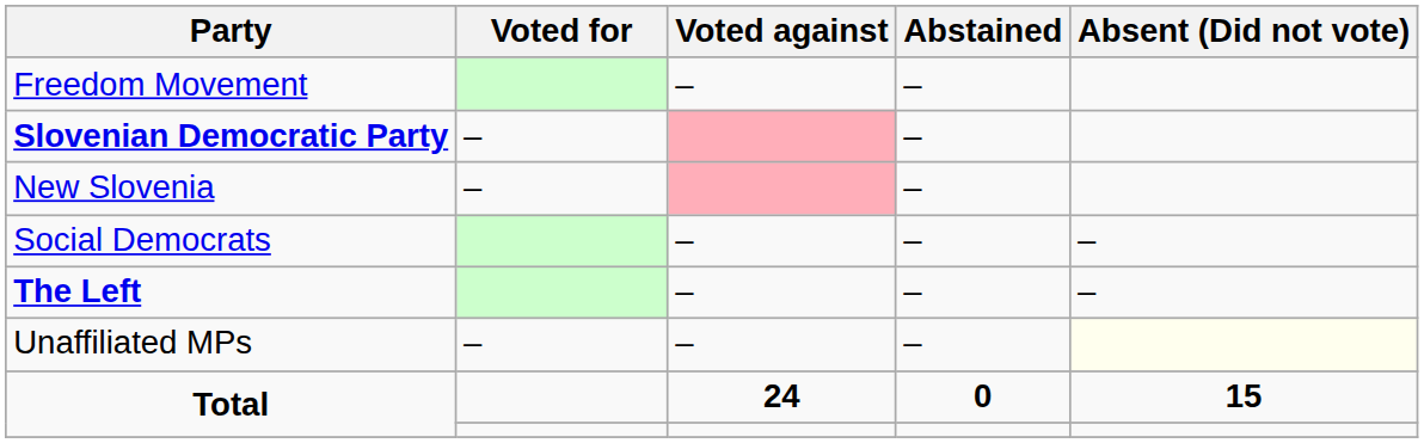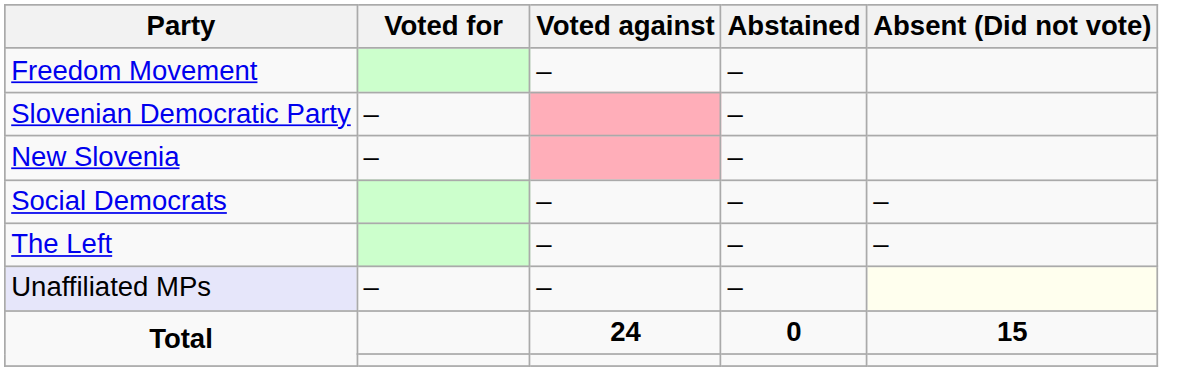 <table class="wikitable">
 <tr>
 <th>Party</th>
 <th style="width:15%;">Voted for</th>
 <th>Voted against</th>
 <th>Abstained</th>
 <th>Absent (Did not vote)</th>
 </tr>
 <tr>
 <td> <a href='#'>Freedom Movement</a></td>
 <td style="background-color:#CCFFCC;"></td>
 <td>–</td>
 <td>–</td>
 <td></td>
 </tr>
 <tr>
-<td><strong> <a href='#'>Slovenian Democratic Party</a></strong></td>
+<td> <a href='#'>Slovenian Democratic Party</a></td>
 <td>–</td>
 <td style="background-color:#FFAEB9;"></td>
 <td>–</td>
 <td></td>
 </tr>
 <tr>
 <td> <a href='#'>New Slovenia</a></td>
 <td>–</td>
 <td style="background-color:#FFAEB9;"></td>
 <td>–</td>
 <td></td>
 </tr>
 <tr>
 <td> <a href='#'>Social Democrats</a></td>
 <td style="background-color:#CCFFCC;"></td>
 <td>–</td>
 <td>–</td>
 <td>–</td>
 </tr>
 <tr>
-<td><strong> <a href='#'>The Left</a></strong></td>
+<td> <a href='#'>The Left</a></td>
 <td style="background-color:#CCFFCC;"></td>
 <td>–</td>
 <td>–</td>
 <td>–</td>
 </tr>
 <tr>
-<td> Unaffiliated MPs</td>
+<td style="background: lavender;"> Unaffiliated MPs</td>
 <td>–</td>
 <td>–</td>
 <td>–</td>
 <td style="background-color:#FFE;"></td>
 </tr>
 <tr>
 <td style="text-align:center;" rowspan="2"><strong>Total</strong></td>
 <td></td>
 <td style="text-align:center;"><strong>24</strong></td>
 <td style="text-align:center;"><strong>0</strong></td>
 <td style="text-align:center;"><strong>15</strong></td>
 </tr>
 <tr>
 <td style="text-align:center;"></td>
 <td style="text-align:center;"></td>
 <td style="text-align:center;"></td>
 <td style="text-align:center;"></td>
 </tr>
 </table>
